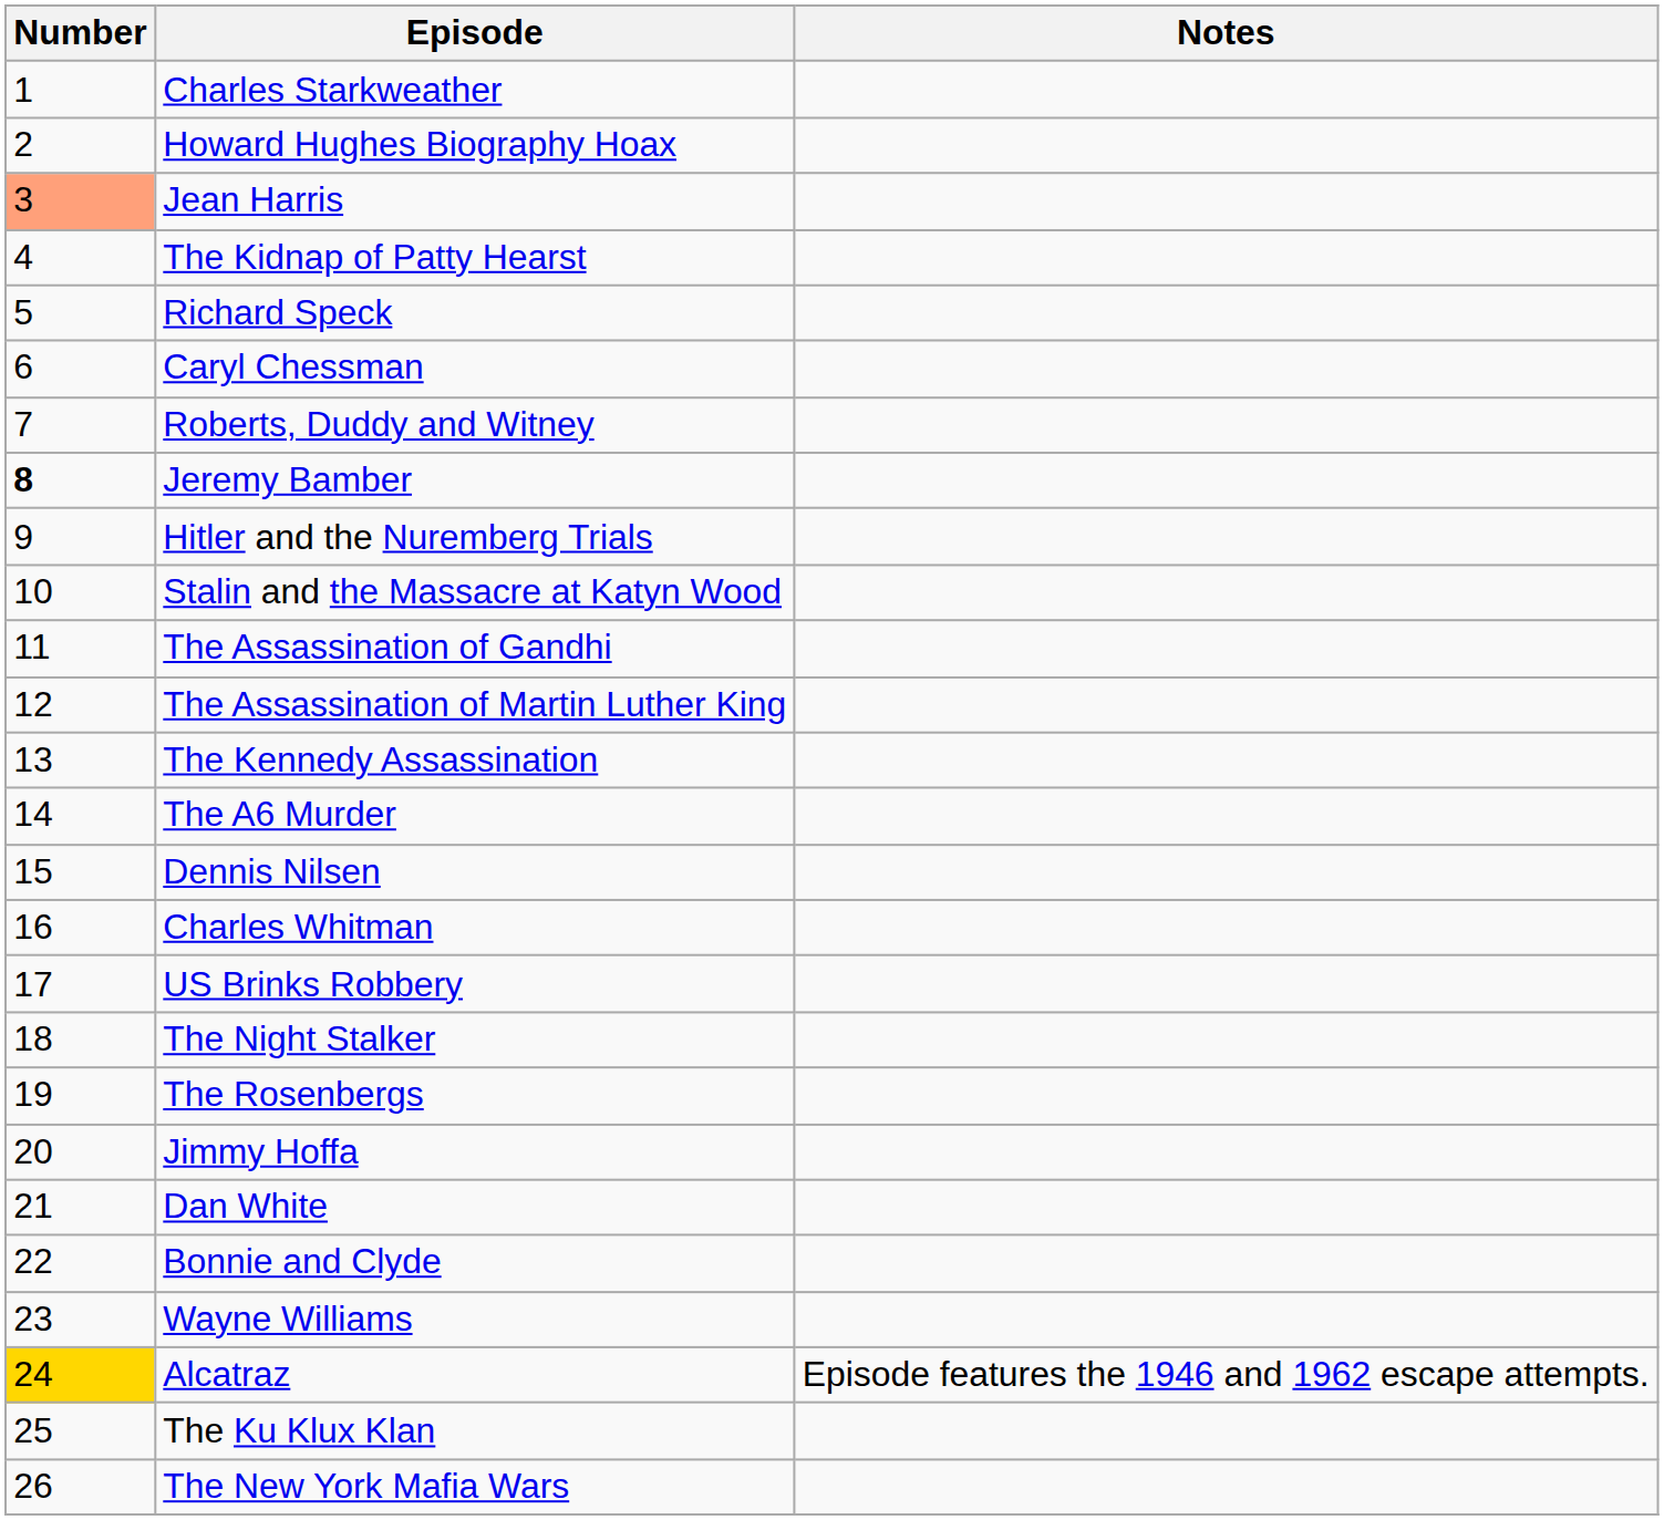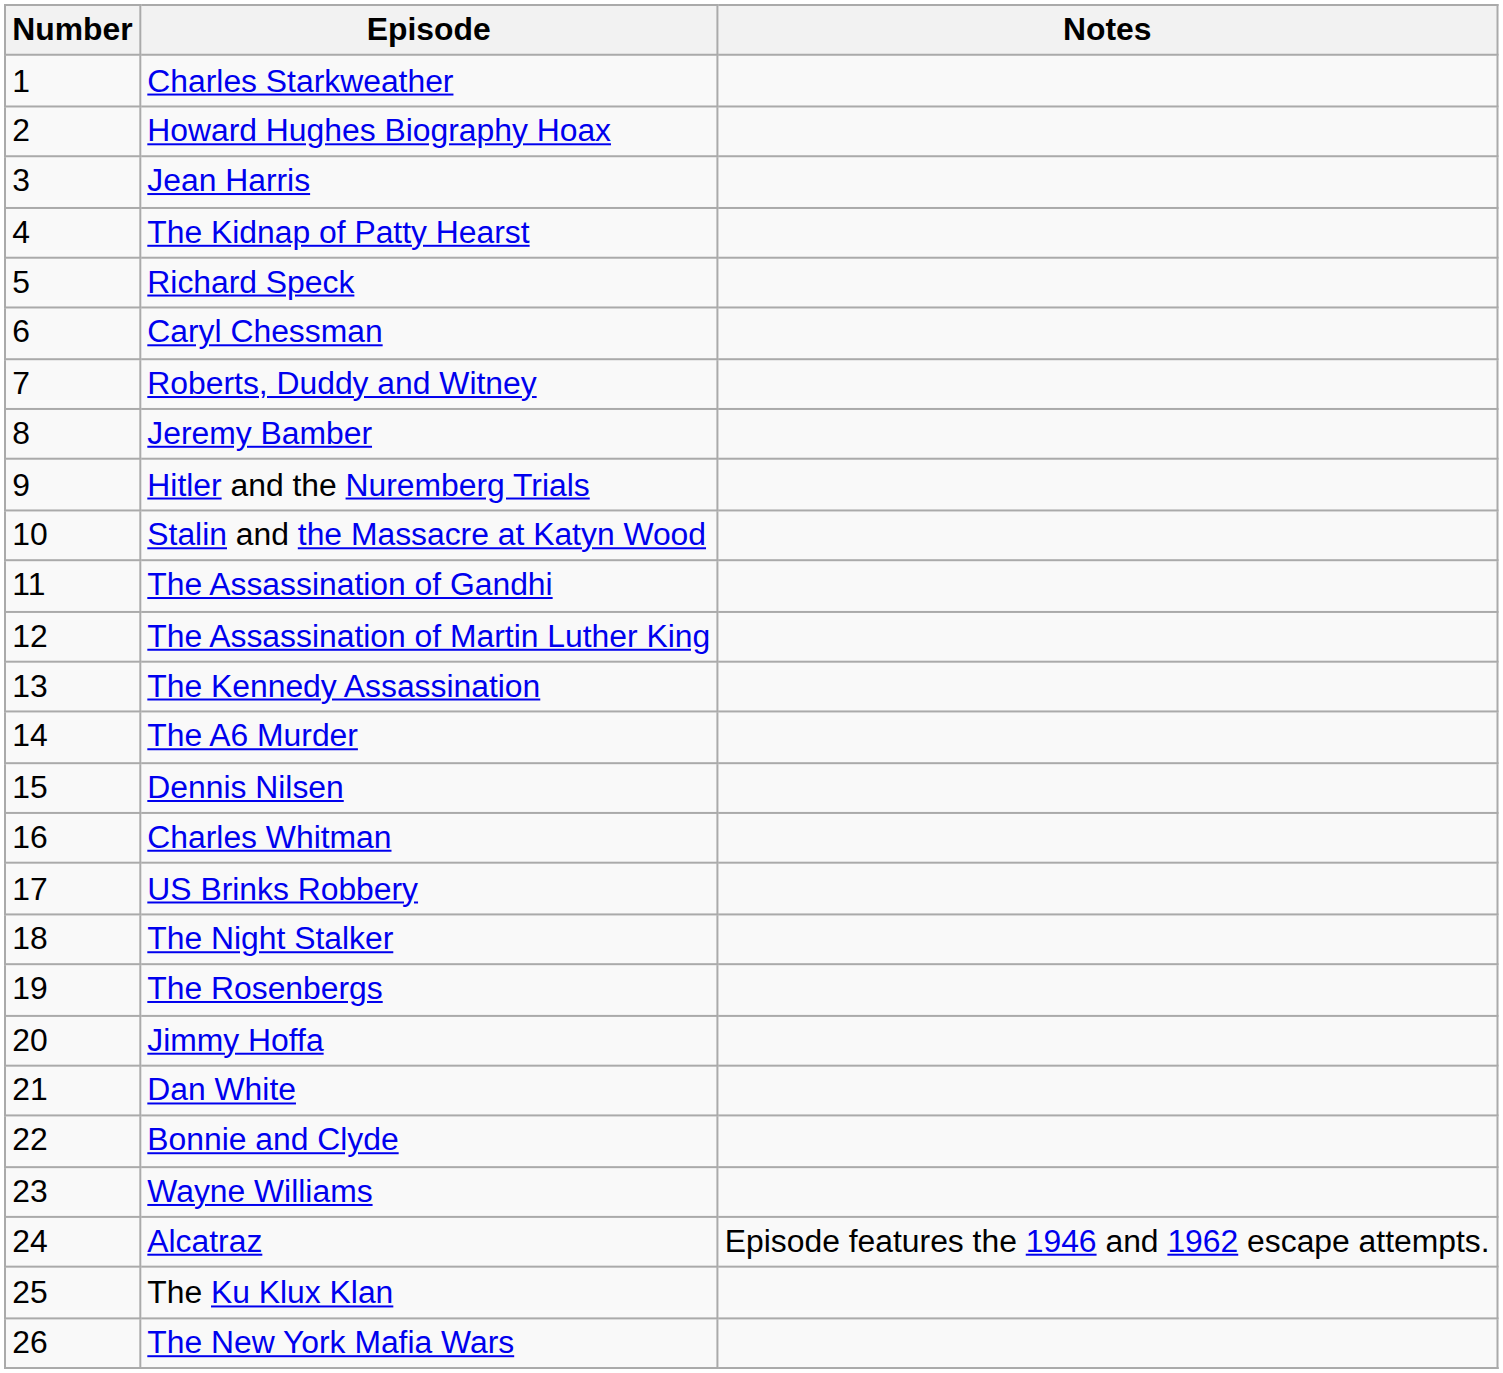 <table class="wikitable">
 <tr>
 <th>Number</th>
 <th>Episode</th>
 <th>Notes</th>
 </tr>
 <tr>
 <td rowspan="1">1</td>
 <td><a href='#'>Charles Starkweather</a></td>
 <td></td>
 </tr>
 <tr>
 <td rowspan="1">2</td>
 <td><a href='#'>Howard Hughes Biography Hoax</a></td>
 <td></td>
 </tr>
 <tr>
-<td rowspan="1" style="background: lightsalmon;">3</td>
+<td rowspan="1">3</td>
 <td><a href='#'>Jean Harris</a></td>
 <td></td>
 </tr>
 <tr>
 <td rowspan="1">4</td>
 <td><a href='#'>The Kidnap of Patty Hearst</a></td>
 <td></td>
 </tr>
 <tr>
 <td rowspan="1">5</td>
 <td><a href='#'>Richard Speck</a></td>
 <td></td>
 </tr>
 <tr>
 <td rowspan="1">6</td>
 <td><a href='#'>Caryl Chessman</a></td>
 <td></td>
 </tr>
 <tr>
 <td rowspan="1">7</td>
 <td><a href='#'>Roberts, Duddy and Witney</a></td>
 <td></td>
 </tr>
 <tr>
-<td rowspan="1"><strong>8</strong></td>
+<td rowspan="1">8</td>
 <td><a href='#'>Jeremy Bamber</a></td>
 <td></td>
 </tr>
 <tr>
 <td rowspan="1">9</td>
 <td><a href='#'>Hitler</a> and the <a href='#'>Nuremberg Trials</a></td>
 <td></td>
 </tr>
 <tr>
 <td rowspan="1">10</td>
 <td><a href='#'>Stalin</a> and <a href='#'>the Massacre at Katyn Wood</a></td>
 <td></td>
 </tr>
 <tr>
 <td rowspan="1">11</td>
 <td><a href='#'>The Assassination of Gandhi</a></td>
 <td></td>
 </tr>
 <tr>
 <td rowspan="1">12</td>
 <td><a href='#'>The Assassination of Martin Luther King</a></td>
 <td></td>
 </tr>
 <tr>
 <td rowspan="1">13</td>
 <td><a href='#'>The Kennedy Assassination</a></td>
 <td></td>
 </tr>
 <tr>
 <td rowspan="1">14</td>
 <td><a href='#'>The A6 Murder</a></td>
 <td></td>
 </tr>
 <tr>
 <td rowspan="1">15</td>
 <td><a href='#'>Dennis Nilsen</a></td>
 <td></td>
 </tr>
 <tr>
 <td rowspan="1">16</td>
 <td><a href='#'>Charles Whitman</a></td>
 <td></td>
 </tr>
 <tr>
 <td rowspan="1">17</td>
 <td><a href='#'>US Brinks Robbery</a></td>
 <td></td>
 </tr>
 <tr>
 <td rowspan="1">18</td>
 <td><a href='#'>The Night Stalker</a></td>
 <td></td>
 </tr>
 <tr>
 <td rowspan="1">19</td>
 <td><a href='#'>The Rosenbergs</a></td>
 <td></td>
 </tr>
 <tr>
 <td rowspan="1">20</td>
 <td><a href='#'>Jimmy Hoffa</a></td>
 <td></td>
 </tr>
 <tr>
 <td rowspan="1">21</td>
 <td><a href='#'>Dan White</a></td>
 <td></td>
 </tr>
 <tr>
 <td rowspan="1">22</td>
 <td><a href='#'>Bonnie and Clyde</a></td>
 <td></td>
 </tr>
 <tr>
 <td rowspan="1">23</td>
 <td><a href='#'>Wayne Williams</a></td>
 <td></td>
 </tr>
 <tr>
-<td rowspan="1" style="background: gold;">24</td>
+<td rowspan="1">24</td>
 <td><a href='#'>Alcatraz</a></td>
 <td>Episode features the <a href='#'>1946</a> and <a href='#'>1962</a> escape attempts.</td>
 </tr>
 <tr>
 <td rowspan="1">25</td>
 <td>The <a href='#'>Ku Klux Klan</a></td>
 <td></td>
 </tr>
 <tr>
 <td rowspan="1">26</td>
 <td><a href='#'>The New York Mafia Wars</a></td>
 <td></td>
 </tr>
 <tr>
 </tr>
 </table>
